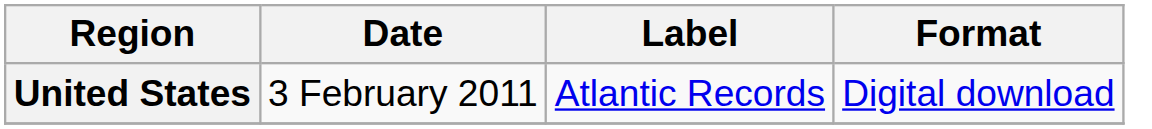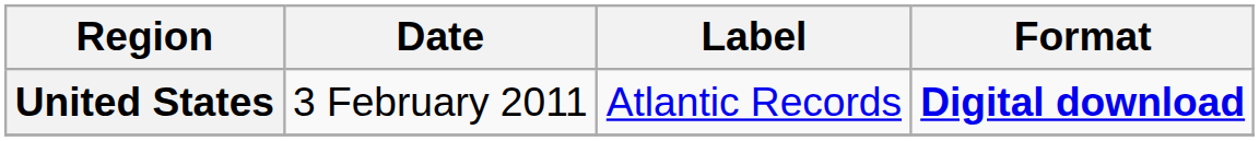 <table class="wikitable plainrowheaders">
 <tr>
 <th scope="col">Region</th>
 <th scope="col">Date</th>
 <th scope="col">Label</th>
 <th scope="col">Format</th>
 </tr>
 <tr>
 <th scope="row">United States</th>
 <td>3 February 2011</td>
 <td><a href='#'>Atlantic Records</a></td>
-<td><a href='#'>Digital download</a></td>
+<td><strong><a href='#'>Digital download</a></strong></td>
 </tr>
 <tr>
 </tr>
 </table>
